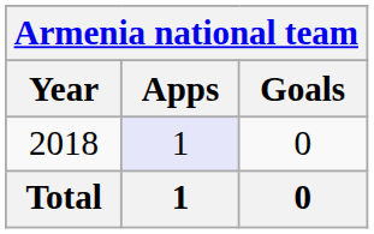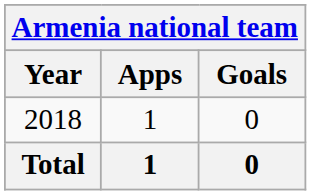 <table class="wikitable" style="text-align:center">
 <tr>
 <th colspan=3><a href='#'>Armenia national team</a></th>
 </tr>
 <tr>
 <th>Year</th>
 <th>Apps</th>
 <th>Goals</th>
 </tr>
 <tr>
 <td>2018</td>
-<td style="background: lavender;">1</td>
+<td>1</td>
 <td>0</td>
 </tr>
 <tr>
 <th>Total</th>
 <th>1</th>
 <th>0</th>
 </tr>
 </table>
